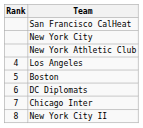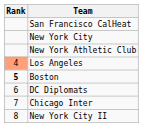 <table class="wikitable">
 <tr>
 <th>Rank</th>
 <th>Team</th>
 </tr>
 <tr>
 <td align=center></td>
 <td align="left">San Francisco CalHeat</td>
 </tr>
 <tr>
 <td align=center></td>
 <td align="left">New York City</td>
 </tr>
 <tr>
 <td align=center></td>
 <td align="left">New York Athletic Club</td>
 </tr>
 <tr>
-<td align=center>4</td>
+<td align=center style="background: lightsalmon;">4</td>
 <td align="left">Los Angeles</td>
 </tr>
 <tr>
-<td align=center>5</td>
+<td align=center><strong>5</strong></td>
 <td align="left">Boston</td>
 </tr>
 <tr>
 <td align=center>6</td>
 <td align="left">DC Diplomats</td>
 </tr>
 <tr>
 <td align=center>7</td>
 <td align="left">Chicago Inter</td>
 </tr>
 <tr>
 <td align=center>8</td>
 <td align="left">New York City II</td>
 </tr>
 </table>
